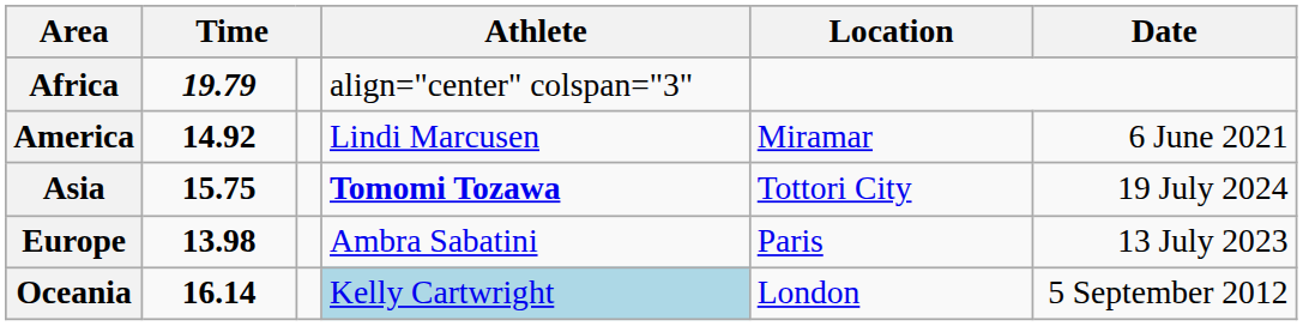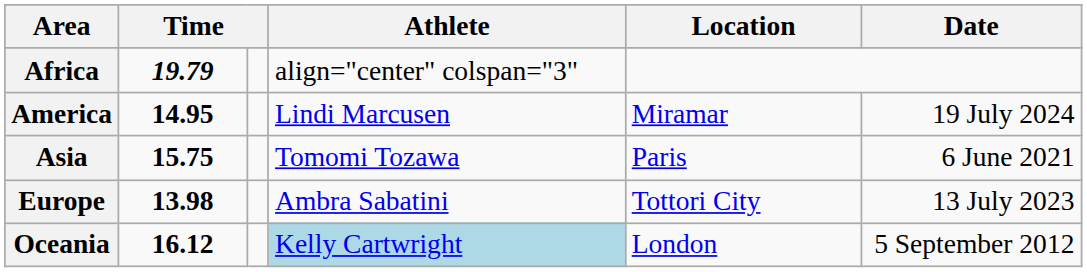 <table class="wikitable">
 <tr>
 <th width="45">Area</th>
 <th width="80" colspan="2">Time</th>
 <th width="200">Athlete</th>
 <th width="130">Location</th>
 <th width="120">Date</th>
 </tr>
 <tr>
 <th>Africa</th>
 <td align="center"><strong><em>19.79</em></strong></td>
 <td align="center"></td>
 <td>align="center" colspan="3" </td>
 </tr>
 <tr>
 <th>America</th>
-<td align="center"><strong>14.92</strong></td>
+<td align="center"><strong>14.95</strong></td>
 <td align="center"></td>
 <td> <a href='#'>Lindi Marcusen</a></td>
 <td> <a href='#'>Miramar</a></td>
-<td align="right">6 June 2021</td>
+<td align="right">19 July 2024</td>
 </tr>
 <tr>
 <th>Asia</th>
 <td align="center"><strong>15.75</strong></td>
 <td align="center"></td>
-<td><strong> <a href='#'>Tomomi Tozawa</a></strong></td>
-<td> <a href='#'>Tottori City</a></td>
-<td align="right">19 July 2024</td>
+<td> <a href='#'>Tomomi Tozawa</a></td>
+<td> <a href='#'>Paris</a></td>
+<td align="right">6 June 2021</td>
 </tr>
 <tr>
 <th>Europe</th>
 <td align="center"><strong>13.98</strong></td>
 <td align="center"><strong></strong></td>
 <td> <a href='#'>Ambra Sabatini</a></td>
-<td> <a href='#'>Paris</a></td>
+<td> <a href='#'>Tottori City</a></td>
 <td align="right">13 July 2023</td>
 </tr>
 <tr>
 <th>Oceania</th>
-<td align="center"><strong>16.14</strong></td>
+<td align="center"><strong>16.12</strong></td>
 <td align="center"></td>
 <td style="background: lightblue;"> <a href='#'>Kelly Cartwright</a></td>
 <td> <a href='#'>London</a></td>
 <td align="right">5 September 2012</td>
 </tr>
 </table>
